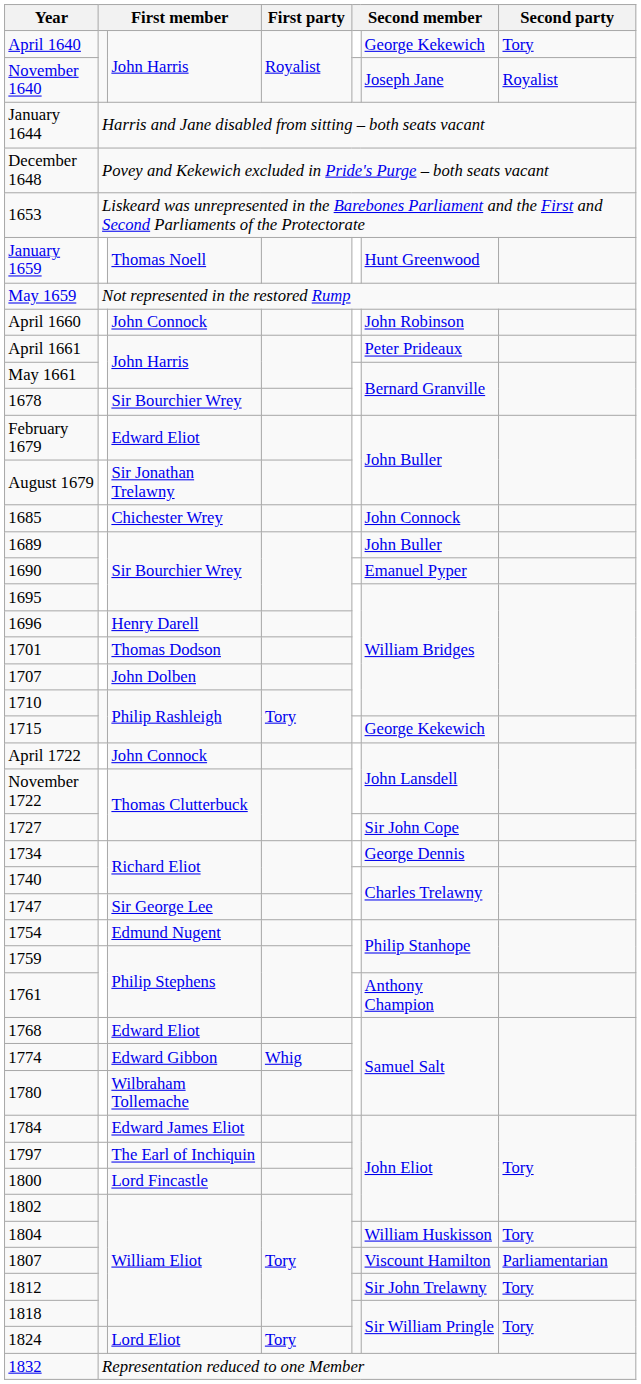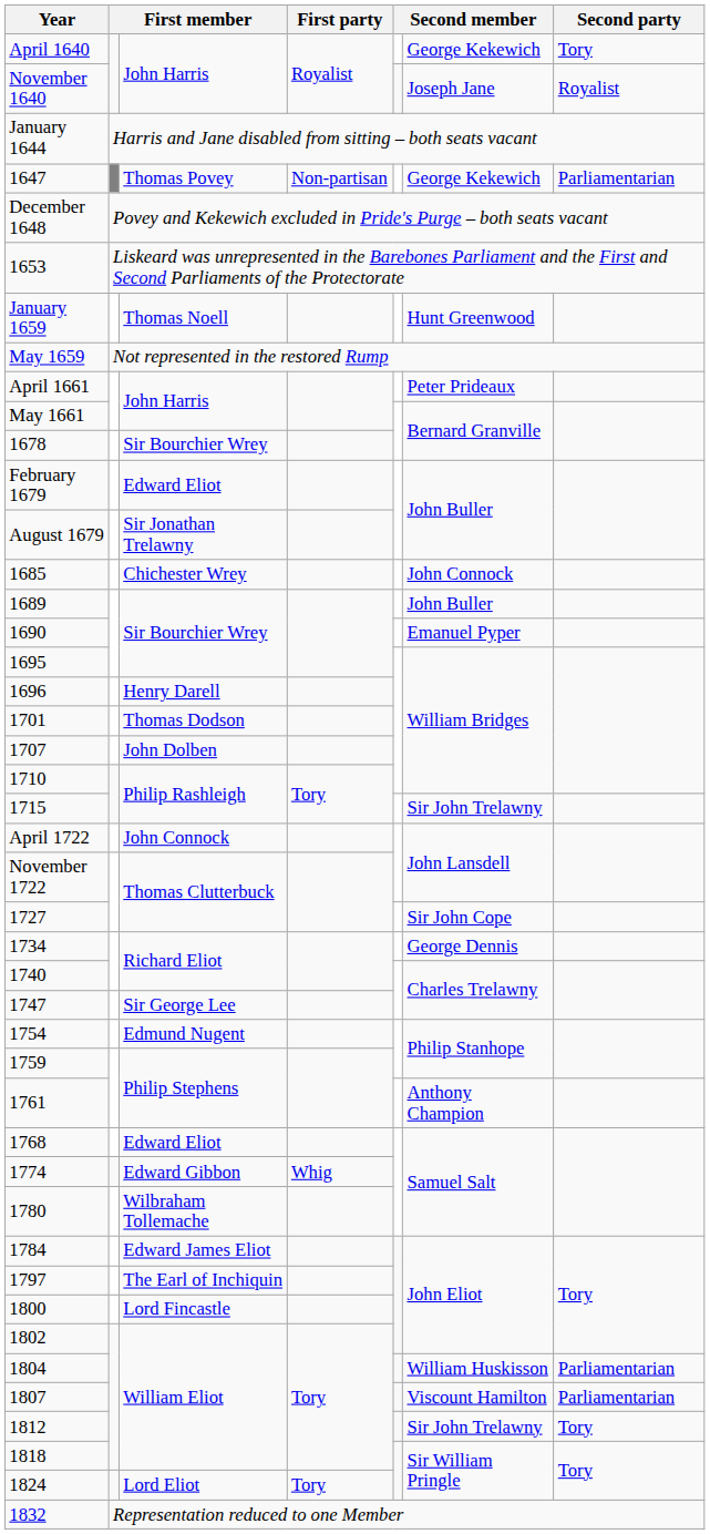 <table class="wikitable">
 <tr>
 <th>Year</th>
 <th colspan="2">First member</th>
 <th>First party</th>
 <th colspan="2">Second member</th>
 <th>Second party</th>
 </tr>
 <tr>
 <td><a href='#'>April 1640</a></td>
 <td rowspan="2" style="color:inherit;background-color: "></td>
 <td rowspan="2"><a href='#'>John Harris</a></td>
 <td rowspan="2"><a href='#'>Royalist</a></td>
 <td style="color:inherit;background-color: white"></td>
 <td><a href='#'>George Kekewich</a></td>
 <td><a href='#'>Tory</a></td>
 </tr>
 <tr>
 <td><a href='#'>November 1640</a></td>
 <td style="color:inherit;background-color: "></td>
 <td><a href='#'>Joseph Jane</a></td>
 <td><a href='#'>Royalist</a></td>
 </tr>
 <tr>
 <td>January 1644</td>
 <td colspan="6"><em>Harris and Jane disabled from sitting – both seats vacant</em></td>
 </tr>
 <tr>
+<td>1647</td>
+<td style="color:inherit;background-color: grey"></td>
+<td><a href='#'>Thomas Povey</a></td>
+<td><a href='#'>Non-partisan</a></td>
+<td style="color:inherit;background-color: white"></td>
+<td><a href='#'>George Kekewich</a></td>
+<td><a href='#'>Parliamentarian</a></td>
+</tr>
+<tr>
 <td>December 1648</td>
 <td colspan="6"><em>Povey and Kekewich excluded in <a href='#'>Pride's Purge</a> – both seats vacant</em></td>
 </tr>
 <tr>
 <td>1653</td>
 <td colspan="6"><em>Liskeard was unrepresented in the <a href='#'>Barebones Parliament</a> and the <a href='#'>First</a> and <a href='#'>Second</a> Parliaments of the Protectorate</em></td>
 </tr>
 <tr>
 <td><a href='#'>January 1659</a></td>
 <td style="color:inherit;background-color: white"></td>
 <td><a href='#'>Thomas Noell</a></td>
 <td></td>
 <td style="color:inherit;background-color: white"></td>
 <td><a href='#'>Hunt Greenwood</a></td>
 <td></td>
 </tr>
 <tr>
 <td><a href='#'>May 1659</a></td>
 <td colspan="6"><em>Not represented in the restored <a href='#'>Rump</a></em></td>
-</tr>
-<tr>
-<td>April 1660</td>
-<td style="color:inherit;background-color: white"></td>
-<td><a href='#'>John Connock</a></td>
-<td></td>
-<td style="color:inherit;background-color: white"></td>
-<td><a href='#'>John Robinson</a></td>
-<td></td>
 </tr>
 <tr>
 <td>April 1661</td>
 <td rowspan="2" style="color:inherit;background-color: white"></td>
 <td rowspan="2"><a href='#'>John Harris</a></td>
 <td rowspan="2"></td>
 <td style="color:inherit;background-color: white"></td>
 <td><a href='#'>Peter Prideaux</a></td>
 <td></td>
 </tr>
 <tr>
 <td>May 1661</td>
 <td rowspan="2" style="color:inherit;background-color: white"></td>
 <td rowspan="2"><a href='#'>Bernard Granville</a></td>
 <td rowspan="2"></td>
 </tr>
 <tr>
 <td>1678</td>
 <td style="color:inherit;background-color: white"></td>
 <td><a href='#'>Sir Bourchier Wrey</a></td>
 <td></td>
 </tr>
 <tr>
 <td>February 1679</td>
 <td style="color:inherit;background-color: white"></td>
 <td><a href='#'>Edward Eliot</a></td>
 <td></td>
 <td rowspan="2" style="color:inherit;background-color: white"></td>
 <td rowspan="2"><a href='#'>John Buller</a></td>
 <td rowspan="2"></td>
 </tr>
 <tr>
 <td>August 1679</td>
 <td style="color:inherit;background-color: white"></td>
 <td><a href='#'>Sir Jonathan Trelawny</a></td>
 <td></td>
 </tr>
 <tr>
 <td>1685</td>
 <td style="color:inherit;background-color: white"></td>
 <td><a href='#'>Chichester Wrey</a></td>
 <td></td>
 <td style="color:inherit;background-color: white"></td>
 <td><a href='#'>John Connock</a></td>
 <td></td>
 </tr>
 <tr>
 <td>1689</td>
 <td rowspan="3" style="color:inherit;background-color: white"></td>
 <td rowspan="3"><a href='#'>Sir Bourchier Wrey</a></td>
 <td rowspan="3"></td>
 <td style="color:inherit;background-color: white"></td>
 <td><a href='#'>John Buller</a></td>
 <td></td>
 </tr>
 <tr>
 <td>1690</td>
 <td style="color:inherit;background-color: white"></td>
 <td><a href='#'>Emanuel Pyper</a></td>
 <td></td>
 </tr>
 <tr>
 <td>1695</td>
 <td rowspan="5" style="color:inherit;background-color: white"></td>
 <td rowspan="5"><a href='#'>William Bridges</a></td>
 <td rowspan="5"></td>
 </tr>
 <tr>
 <td>1696</td>
 <td style="color:inherit;background-color: white"></td>
 <td><a href='#'>Henry Darell</a></td>
 <td></td>
 </tr>
 <tr>
 <td>1701</td>
 <td style="color:inherit;background-color: white"></td>
 <td><a href='#'>Thomas Dodson</a></td>
 <td></td>
 </tr>
 <tr>
 <td>1707</td>
 <td style="color:inherit;background-color: white"></td>
 <td><a href='#'>John Dolben</a></td>
 <td></td>
 </tr>
 <tr>
 <td>1710</td>
 <td rowspan="2" style="color:inherit;background-color: "></td>
 <td rowspan="2"><a href='#'>Philip Rashleigh</a></td>
 <td rowspan="2"><a href='#'>Tory</a></td>
 </tr>
 <tr>
 <td>1715</td>
 <td style="color:inherit;background-color: white"></td>
-<td><a href='#'>George Kekewich</a></td>
+<td><a href='#'>Sir John Trelawny</a></td>
 <td></td>
 </tr>
 <tr>
 <td>April 1722</td>
 <td style="color:inherit;background-color: white"></td>
 <td><a href='#'>John Connock</a></td>
 <td></td>
 <td rowspan="2" style="color:inherit;background-color: white"></td>
 <td rowspan="2"><a href='#'>John Lansdell</a></td>
 <td rowspan="2"></td>
 </tr>
 <tr>
 <td>November 1722</td>
 <td rowspan="2" style="color:inherit;background-color: white"></td>
 <td rowspan="2"><a href='#'>Thomas Clutterbuck</a></td>
 <td rowspan="2"></td>
 </tr>
 <tr>
 <td>1727</td>
 <td style="color:inherit;background-color: white"></td>
 <td><a href='#'>Sir John Cope</a></td>
 <td></td>
 </tr>
 <tr>
 <td>1734</td>
 <td rowspan="2" style="color:inherit;background-color: white"></td>
 <td rowspan="2"><a href='#'>Richard Eliot</a></td>
 <td rowspan="2"></td>
 <td style="color:inherit;background-color: white"></td>
 <td><a href='#'>George Dennis</a></td>
 <td></td>
 </tr>
 <tr>
 <td>1740</td>
 <td rowspan="2" style="color:inherit;background-color: white"></td>
 <td rowspan="2"><a href='#'>Charles Trelawny</a></td>
 <td rowspan="2"></td>
 </tr>
 <tr>
 <td>1747</td>
 <td style="color:inherit;background-color: white"></td>
 <td><a href='#'>Sir George Lee</a></td>
 <td></td>
 </tr>
 <tr>
 <td>1754</td>
 <td style="color:inherit;background-color: white"></td>
 <td><a href='#'>Edmund Nugent</a></td>
 <td></td>
 <td rowspan="2" style="color:inherit;background-color: white"></td>
 <td rowspan="2"><a href='#'>Philip Stanhope</a></td>
 <td rowspan="2"></td>
 </tr>
 <tr>
 <td>1759</td>
 <td rowspan="2" style="color:inherit;background-color: white"></td>
 <td rowspan="2"><a href='#'>Philip Stephens</a></td>
 <td rowspan="2"></td>
 </tr>
 <tr>
 <td>1761</td>
 <td style="color:inherit;background-color: white"></td>
 <td><a href='#'>Anthony Champion</a></td>
 <td></td>
 </tr>
 <tr>
 <td>1768</td>
 <td style="color:inherit;background-color: white"></td>
 <td><a href='#'>Edward Eliot</a></td>
 <td></td>
 <td rowspan="3" style="color:inherit;background-color: white"></td>
 <td rowspan="3"><a href='#'>Samuel Salt</a></td>
 <td rowspan="3"></td>
 </tr>
 <tr>
 <td>1774</td>
 <td style="color:inherit;background-color: "></td>
 <td><a href='#'>Edward Gibbon</a></td>
 <td><a href='#'>Whig</a></td>
 </tr>
 <tr>
 <td>1780</td>
 <td style="color:inherit;background-color: white"></td>
 <td><a href='#'>Wilbraham Tollemache</a></td>
 <td></td>
 </tr>
 <tr>
 <td>1784</td>
 <td style="color:inherit;background-color: white"></td>
 <td><a href='#'>Edward James Eliot</a></td>
 <td></td>
 <td rowspan="4" style="color:inherit;background-color: "></td>
 <td rowspan="4"><a href='#'>John Eliot</a></td>
 <td rowspan="4"><a href='#'>Tory</a></td>
 </tr>
 <tr>
 <td>1797</td>
 <td style="color:inherit;background-color: white"></td>
 <td><a href='#'>The Earl of Inchiquin</a></td>
 <td></td>
 </tr>
 <tr>
 <td>1800</td>
 <td style="color:inherit;background-color: white"></td>
 <td><a href='#'>Lord Fincastle</a></td>
 <td></td>
 </tr>
 <tr>
 <td>1802</td>
 <td rowspan="5" style="color:inherit;background-color: "></td>
 <td rowspan="5"><a href='#'>William Eliot</a></td>
 <td rowspan="5"><a href='#'>Tory</a></td>
 </tr>
 <tr>
 <td>1804</td>
 <td style="color:inherit;background-color: "></td>
 <td><a href='#'>William Huskisson</a></td>
-<td><a href='#'>Tory</a></td>
+<td><a href='#'>Parliamentarian</a></td>
 </tr>
 <tr>
 <td>1807</td>
 <td style="color:inherit;background-color: "></td>
 <td><a href='#'>Viscount Hamilton</a></td>
 <td><a href='#'>Parliamentarian</a></td>
 </tr>
 <tr>
 <td>1812</td>
 <td style="color:inherit;background-color: "></td>
 <td><a href='#'>Sir John Trelawny</a></td>
 <td><a href='#'>Tory</a></td>
 </tr>
 <tr>
 <td>1818</td>
 <td rowspan="2" style="color:inherit;background-color: "></td>
 <td rowspan="2"><a href='#'>Sir William Pringle</a></td>
 <td rowspan="2"><a href='#'>Tory</a></td>
 </tr>
 <tr>
 <td>1824</td>
 <td style="color:inherit;background-color: "></td>
 <td><a href='#'>Lord Eliot</a></td>
 <td><a href='#'>Tory</a></td>
 </tr>
 <tr>
 <td><a href='#'>1832</a></td>
 <td colspan="6"><em>Representation reduced to one Member</em></td>
 </tr>
 </table>
